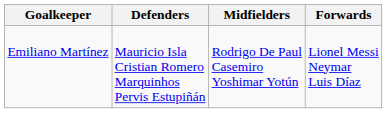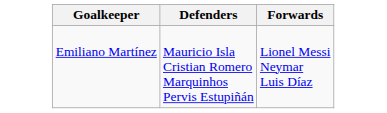 <table class="wikitable" style="mArgin: 0 auto;">
 <tr>
 <th>Goalkeeper</th>
 <th>Defenders</th>
-<th>Midfielders</th>
 <th>Forwards<br></th>
 </tr>
 <tr>
 <td valign=top><br> <a href='#'>Emiliano Martínez</a></td>
 <td valign=top><br> <a href='#'>Mauricio Isla</a><br> <a href='#'>Cristian Romero</a><br>  <a href='#'>Marquinhos</a><br>  <a href='#'>Pervis Estupiñán</a></td>
-<td valign=top><br> <a href='#'>Rodrigo De Paul</a><br> <a href='#'>Casemiro</a><br> <a href='#'>Yoshimar Yotún</a></td>
 <td valign=top><br> <a href='#'>Lionel Messi</a><br> <a href='#'>Neymar</a><br>  <a href='#'>Luis Díaz</a></td>
 </tr>
 </table>
